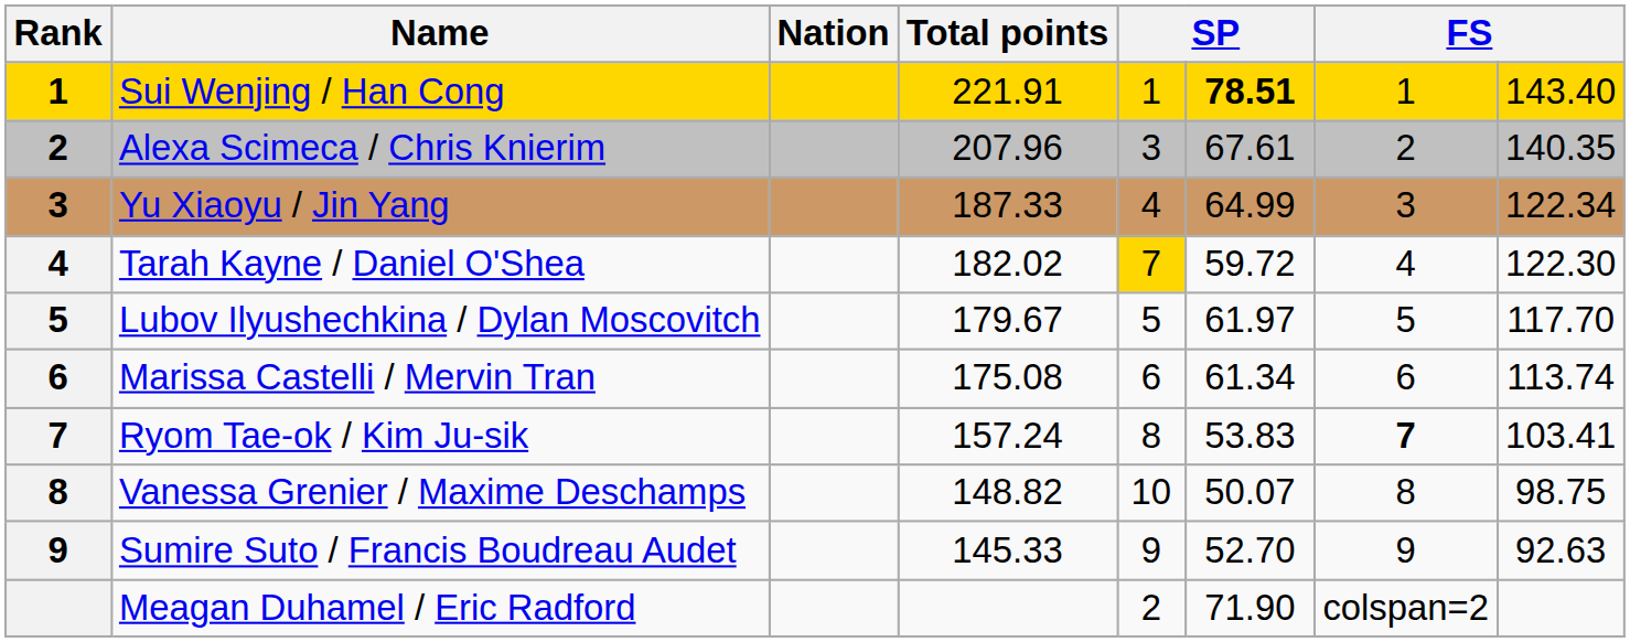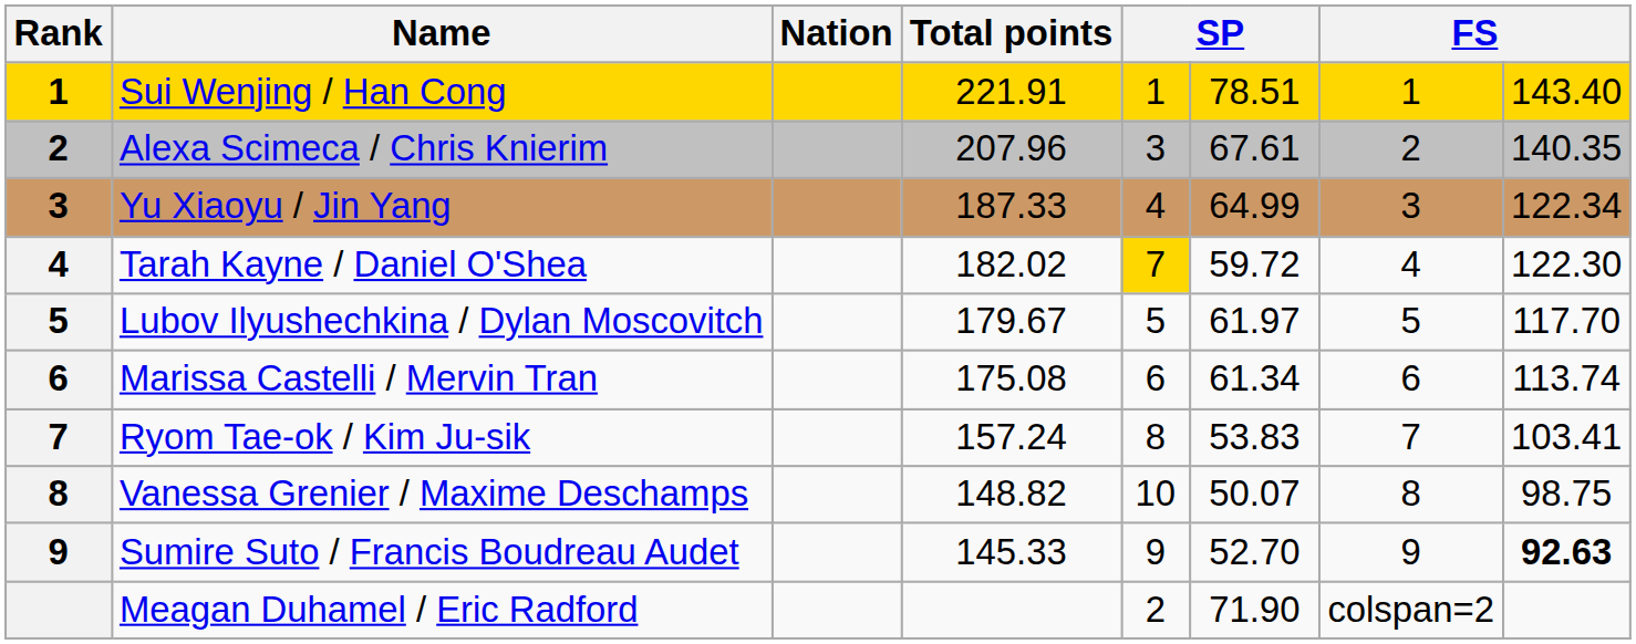 <table class="wikitable sortable">
 <tr>
 <th>Rank</th>
 <th>Name</th>
 <th>Nation</th>
 <th>Total points</th>
 <th colspan="2" width="80px"><a href='#'>SP</a></th>
 <th colspan="2" width="80px"><a href='#'>FS</a></th>
 </tr>
 <tr bgcolor="gold">
 <td align="center"><strong>1</strong></td>
 <td><a href='#'>Sui Wenjing</a> / <a href='#'>Han Cong</a></td>
 <td></td>
 <td align="center">221.91</td>
 <td align="center">1</td>
-<td align="center"><strong>78.51</strong></td>
+<td align="center">78.51</td>
 <td align="center">1</td>
 <td align="center">143.40</td>
 </tr>
 <tr bgcolor="silver">
 <td align="center"><strong>2</strong></td>
 <td><a href='#'>Alexa Scimeca</a> / <a href='#'>Chris Knierim</a></td>
 <td></td>
 <td align="center">207.96</td>
 <td align="center">3</td>
 <td align="center">67.61</td>
 <td align="center">2</td>
 <td align="center">140.35</td>
 </tr>
 <tr bgcolor="cc9966">
 <td align="center"><strong>3</strong></td>
 <td><a href='#'>Yu Xiaoyu</a> / <a href='#'>Jin Yang</a></td>
 <td></td>
 <td align="center">187.33</td>
 <td align="center">4</td>
 <td align="center">64.99</td>
 <td align="center">3</td>
 <td align="center">122.34</td>
 </tr>
 <tr>
 <th>4</th>
 <td><a href='#'>Tarah Kayne</a> / <a href='#'>Daniel O'Shea</a></td>
 <td></td>
 <td align="center">182.02</td>
 <td align="center" style="background: gold;">7</td>
 <td align="center">59.72</td>
 <td align="center">4</td>
 <td align="center">122.30</td>
 </tr>
 <tr>
 <th>5</th>
 <td><a href='#'>Lubov Ilyushechkina</a> / <a href='#'>Dylan Moscovitch</a></td>
 <td></td>
 <td align="center">179.67</td>
 <td align="center">5</td>
 <td align="center">61.97</td>
 <td align="center">5</td>
 <td align="center">117.70</td>
 </tr>
 <tr>
 <th>6</th>
 <td><a href='#'>Marissa Castelli</a> / <a href='#'>Mervin Tran</a></td>
 <td></td>
 <td align="center">175.08</td>
 <td align="center">6</td>
 <td align="center">61.34</td>
 <td align="center">6</td>
 <td align="center">113.74</td>
 </tr>
 <tr>
 <th>7</th>
 <td><a href='#'>Ryom Tae-ok</a> / <a href='#'>Kim Ju-sik</a></td>
 <td></td>
 <td align="center">157.24</td>
 <td align="center">8</td>
 <td align="center">53.83</td>
-<td align="center"><strong>7</strong></td>
+<td align="center">7</td>
 <td align="center">103.41</td>
 </tr>
 <tr>
 <th>8</th>
 <td><a href='#'>Vanessa Grenier</a> / <a href='#'>Maxime Deschamps</a></td>
 <td></td>
 <td align="center">148.82</td>
 <td align="center">10</td>
 <td align="center">50.07</td>
 <td align="center">8</td>
 <td align="center">98.75</td>
 </tr>
 <tr>
 <th>9</th>
 <td><a href='#'>Sumire Suto</a> / <a href='#'>Francis Boudreau Audet</a></td>
 <td></td>
 <td align="center">145.33</td>
 <td align="center">9</td>
 <td align="center">52.70</td>
 <td align="center">9</td>
-<td align="center">92.63</td>
+<td align="center"><strong>92.63</strong></td>
 </tr>
 <tr>
 <th></th>
 <td><a href='#'>Meagan Duhamel</a> / <a href='#'>Eric Radford</a></td>
 <td></td>
 <td></td>
 <td align="center">2</td>
 <td align="center">71.90</td>
 <td>colspan=2 </td>
 </tr>
 </table>
